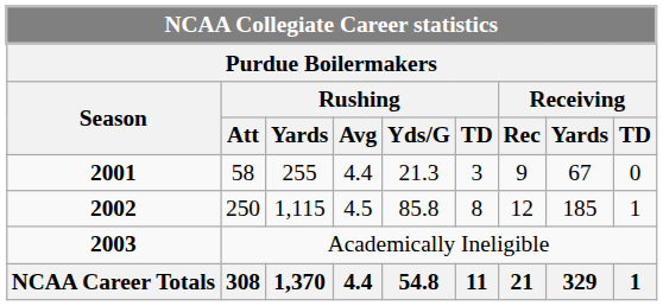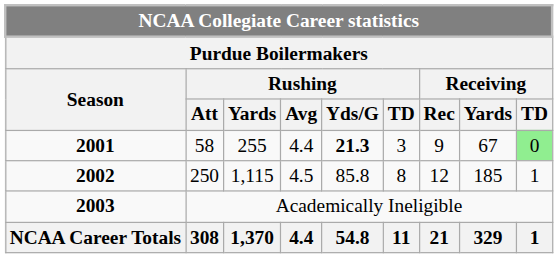 <table class=wikitable style="text-align:center;">
 <tr>
 <th colspan="10" style="background:gray; border:2px solid silver; color:white;"><strong>NCAA Collegiate Career statistics</strong></th>
 </tr>
 <tr>
 <th colspan="10"><strong>Purdue Boilermakers</strong></th>
 </tr>
 <tr>
 <th rowspan=2>Season</th>
 <th colspan=5>Rushing</th>
 <th colspan=3>Receiving</th>
 </tr>
 <tr>
 <th>Att</th>
 <th>Yards</th>
 <th>Avg</th>
 <th>Yds/G</th>
 <th>TD</th>
 <th>Rec</th>
 <th>Yards</th>
 <th>TD</th>
 </tr>
 <tr>
 <td><strong>2001</strong></td>
 <td>58</td>
 <td>255</td>
 <td>4.4</td>
-<td>21.3</td>
+<td><strong>21.3</strong></td>
 <td>3</td>
 <td>9</td>
 <td>67</td>
-<td>0</td>
+<td style="background: lightgreen;">0</td>
 </tr>
 <tr>
 <td><strong>2002</strong></td>
 <td>250</td>
 <td>1,115</td>
 <td>4.5</td>
 <td>85.8</td>
 <td>8</td>
 <td>12</td>
 <td>185</td>
 <td>1</td>
 </tr>
 <tr>
 <td><strong>2003</strong></td>
 <td colspan=14 style="text-align:center;">Academically Ineligible</td>
 </tr>
 <tr>
 <th>NCAA Career Totals</th>
 <th>308</th>
 <th>1,370</th>
 <th>4.4</th>
 <th>54.8</th>
 <th>11</th>
 <th>21</th>
 <th>329</th>
 <th>1</th>
 </tr>
 </table>
